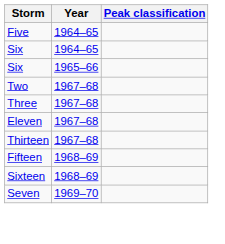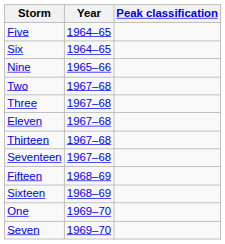 <table class="wikitable" style="display: inline-table; margin-left: 30px;">
 <tr>
 <th>Storm</th>
 <th>Year</th>
 <th><a href='#'>Peak classification</a></th>
 </tr>
 <tr>
 <td><a href='#'>Five</a></td>
 <td><a href='#'>1964–65</a></td>
 <td></td>
 </tr>
 <tr>
 <td><a href='#'>Six</a></td>
 <td><a href='#'>1964–65</a></td>
 <td></td>
 </tr>
 <tr>
-<td><a href='#'>Six</a></td>
+<td><a href='#'>Nine</a></td>
 <td><a href='#'>1965–66</a></td>
 <td></td>
 </tr>
 <tr>
 <td><a href='#'>Two</a></td>
 <td><a href='#'>1967–68</a></td>
 <td></td>
 </tr>
 <tr>
 <td><a href='#'>Three</a></td>
 <td><a href='#'>1967–68</a></td>
 <td></td>
 </tr>
 <tr>
 <td><a href='#'>Eleven</a></td>
 <td><a href='#'>1967–68</a></td>
 <td></td>
 </tr>
 <tr>
 <td><a href='#'>Thirteen</a></td>
 <td><a href='#'>1967–68</a></td>
 <td></td>
 </tr>
 <tr>
+<td><a href='#'>Seventeen</a></td>
+<td><a href='#'>1967–68</a></td>
+<td></td>
+</tr>
+<tr>
 <td><a href='#'>Fifteen</a></td>
 <td><a href='#'>1968–69</a></td>
 <td></td>
 </tr>
 <tr>
 <td><a href='#'>Sixteen</a></td>
 <td><a href='#'>1968–69</a></td>
 <td></td>
 </tr>
 <tr>
+<td><a href='#'>One</a></td>
+<td><a href='#'>1969–70</a></td>
+<td></td>
+</tr>
+<tr>
 <td><a href='#'>Seven</a></td>
 <td><a href='#'>1969–70</a></td>
 <td></td>
 </tr>
 </table>
